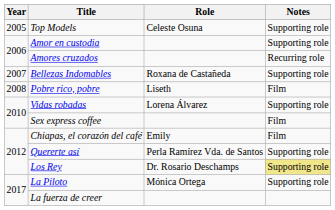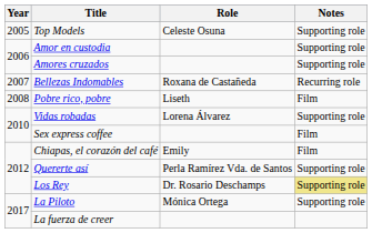 <table class="wikitable">
 <tr style="background:#b0c4de;">
 <th>Year</th>
 <th>Title</th>
 <th>Role</th>
 <th>Notes</th>
 </tr>
 <tr>
 <td>2005</td>
 <td><em>Top Models</em></td>
 <td>Celeste Osuna</td>
 <td>Supporting role</td>
 </tr>
 <tr>
 <td rowspan=2>2006</td>
 <td><em><a href='#'>Amor en custodia</a></em></td>
 <td></td>
 <td>Supporting role</td>
 </tr>
 <tr>
 <td><em><a href='#'>Amores cruzados</a></em></td>
 <td></td>
-<td>Recurring role</td>
+<td>Supporting role</td>
 </tr>
 <tr>
 <td>2007</td>
 <td><em><a href='#'>Bellezas Indomables</a></em></td>
 <td>Roxana de Castañeda</td>
-<td>Supporting role</td>
+<td>Recurring role</td>
 </tr>
 <tr>
 <td>2008</td>
 <td><em><a href='#'>Pobre rico, pobre</a></em></td>
 <td>Liseth</td>
 <td>Film</td>
 </tr>
 <tr>
 <td rowspan=2>2010</td>
 <td><em><a href='#'>Vidas robadas</a></em></td>
 <td>Lorena Álvarez</td>
 <td>Supporting role</td>
 </tr>
 <tr>
 <td><em>Sex express coffee</em></td>
 <td></td>
 <td>Film</td>
 </tr>
 <tr>
 <td rowspan=3>2012</td>
 <td><em>Chiapas, el corazón del café</em></td>
 <td>Emily</td>
 <td>Film</td>
 </tr>
 <tr>
 <td><em><a href='#'>Quererte así</a></em></td>
 <td>Perla Ramírez Vda. de Santos</td>
 <td>Supporting role</td>
 </tr>
 <tr>
 <td><em><a href='#'>Los Rey</a></em></td>
 <td>Dr. Rosario Deschamps</td>
 <td style="background: khaki;">Supporting role</td>
 </tr>
 <tr>
 <td rowspan=2>2017</td>
 <td><em><a href='#'>La Piloto</a></em></td>
 <td>Mónica Ortega</td>
 <td>Supporting role</td>
 </tr>
 <tr>
 <td><em>La fuerza de creer</em></td>
 <td></td>
 <td></td>
 </tr>
 </table>
